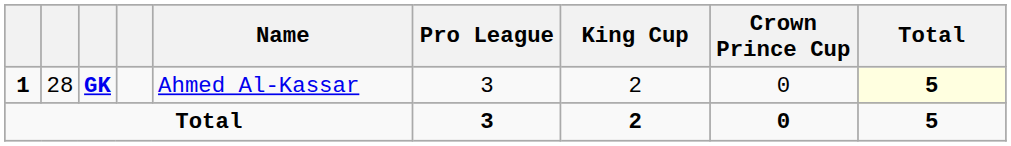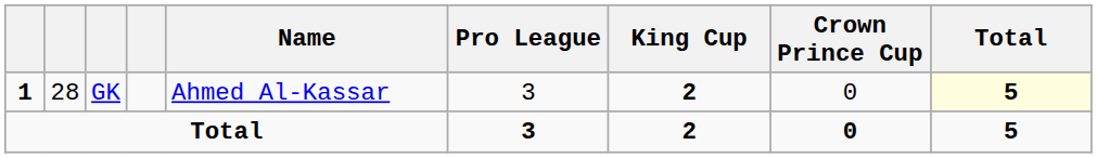 <table class="wikitable" style="text-align:center">
 <tr>
 <th width=15></th>
 <th width=15></th>
 <th width=15></th>
 <th width=15></th>
 <th width=145>Name</th>
 <th width=80>Pro League</th>
 <th width=80>King Cup</th>
 <th width=80>Crown Prince Cup</th>
 <th width=80>Total</th>
 </tr>
 <tr>
 <td><strong>1</strong></td>
 <td>28</td>
-<td><strong><a href='#'>GK</a></strong></td>
+<td><a href='#'>GK</a></td>
 <td></td>
 <td align=left><a href='#'>Ahmed Al-Kassar</a></td>
 <td>3</td>
-<td>2</td>
+<td><strong>2</strong></td>
 <td>0</td>
 <td style="background: lightyellow;"><strong>5</strong></td>
 </tr>
 <tr>
 <td colspan=5><strong>Total</strong></td>
 <td><strong>3</strong></td>
 <td><strong>2</strong></td>
 <td><strong>0</strong></td>
 <td><strong>5</strong></td>
 </tr>
 </table>
